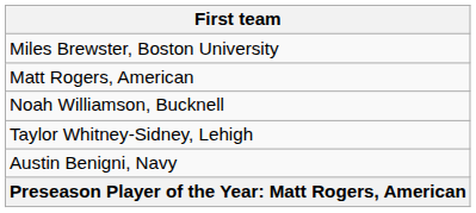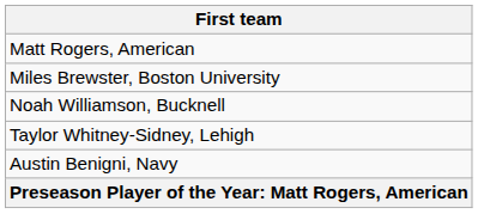 <table class="wikitable">
 <tr>
 <th>First team</th>
 </tr>
 <tr>
-<td>Miles Brewster, Boston University</td>
+<td>Matt Rogers, American</td>
 </tr>
 <tr>
-<td>Matt Rogers, American</td>
+<td>Miles Brewster, Boston University</td>
 </tr>
 <tr>
 <td>Noah Williamson, Bucknell</td>
 </tr>
 <tr>
 <td>Taylor Whitney-Sidney, Lehigh</td>
 </tr>
 <tr>
 <td>Austin Benigni, Navy</td>
 </tr>
 <tr>
 <th>Preseason Player of the Year: Matt Rogers, American</th>
 </tr>
 </table>
